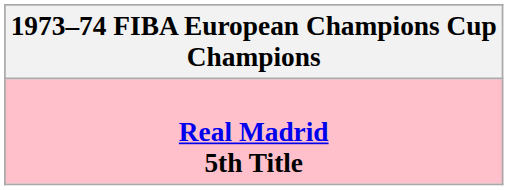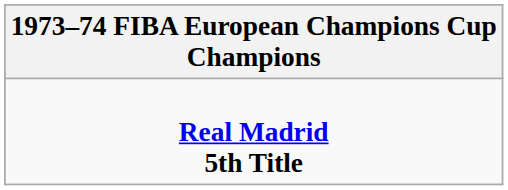 <table class=wikitable style="text-align:center; margin:auto">
 <tr>
 <th>1973–74 FIBA European Champions Cup<br>Champions</th>
 </tr>
 <tr>
-<td style="background: pink;"> <br> <strong><a href='#'>Real Madrid</a></strong> <br> <strong>5th Title</strong></td>
+<td> <br> <strong><a href='#'>Real Madrid</a></strong> <br> <strong>5th Title</strong></td>
 </tr>
 </table>
